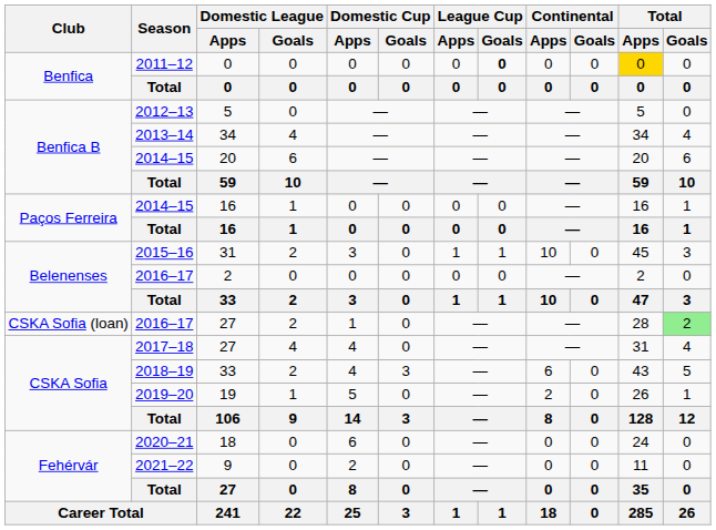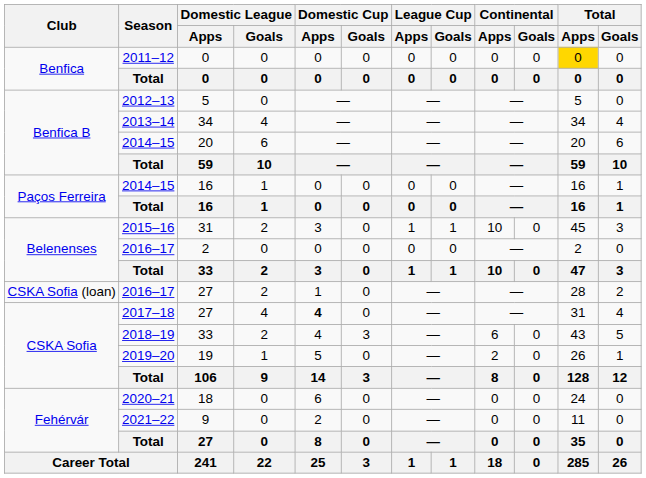 <table class="wikitable" style="text-align: center;">
 <tr>
 <th rowspan="2">Club</th>
 <th rowspan="2">Season</th>
 <th colspan="2">Domestic League</th>
 <th colspan="2">Domestic Cup</th>
 <th colspan="2">League Cup</th>
 <th colspan="2">Continental</th>
 <th colspan="2">Total</th>
 </tr>
 <tr>
 <th>Apps</th>
 <th>Goals</th>
 <th>Apps</th>
 <th>Goals</th>
 <th>Apps</th>
 <th>Goals</th>
 <th>Apps</th>
 <th>Goals</th>
 <th>Apps</th>
 <th>Goals</th>
 </tr>
 <tr>
 <td rowspan="2" valign="center"><a href='#'>Benfica</a></td>
 <td><a href='#'>2011–12</a></td>
 <td>0</td>
 <td>0</td>
 <td>0</td>
 <td>0</td>
 <td>0</td>
-<td><strong>0</strong></td>
+<td>0</td>
 <td>0</td>
 <td>0</td>
 <td style="background: gold;">0</td>
 <td>0</td>
 </tr>
 <tr>
 <th>Total</th>
 <th>0</th>
 <th>0</th>
 <th>0</th>
 <th>0</th>
 <th>0</th>
 <th>0</th>
 <th>0</th>
 <th>0</th>
 <th>0</th>
 <th>0</th>
 </tr>
 <tr>
 <td rowspan="4" valign="center"><a href='#'>Benfica B</a></td>
 <td><a href='#'>2012–13</a></td>
 <td>5</td>
 <td>0</td>
 <td colspan="2">—</td>
 <td colspan="2">—</td>
 <td colspan="2">—</td>
 <td>5</td>
 <td>0</td>
 </tr>
 <tr>
 <td><a href='#'>2013–14</a></td>
 <td>34</td>
 <td>4</td>
 <td colspan="2">—</td>
 <td colspan="2">—</td>
 <td colspan="2">—</td>
 <td>34</td>
 <td>4</td>
 </tr>
 <tr>
 <td><a href='#'>2014–15</a></td>
 <td>20</td>
 <td>6</td>
 <td colspan="2">—</td>
 <td colspan="2">—</td>
 <td colspan="2">—</td>
 <td>20</td>
 <td>6</td>
 </tr>
 <tr>
 <th>Total</th>
 <th>59</th>
 <th>10</th>
 <th colspan="2">—</th>
 <th colspan="2">—</th>
 <th colspan="2">—</th>
 <th>59</th>
 <th>10</th>
 </tr>
 <tr>
 <td rowspan="2" valign="center"><a href='#'>Paços Ferreira</a></td>
 <td><a href='#'>2014–15</a></td>
 <td>16</td>
 <td>1</td>
 <td>0</td>
 <td>0</td>
 <td>0</td>
 <td>0</td>
 <td colspan="2">—</td>
 <td>16</td>
 <td>1</td>
 </tr>
 <tr>
 <th>Total</th>
 <th>16</th>
 <th>1</th>
 <th>0</th>
 <th>0</th>
 <th>0</th>
 <th>0</th>
 <th colspan="2">—</th>
 <th>16</th>
 <th>1</th>
 </tr>
 <tr>
 <td rowspan="3" valign="center"><a href='#'>Belenenses</a></td>
 <td><a href='#'>2015–16</a></td>
 <td>31</td>
 <td>2</td>
 <td>3</td>
 <td>0</td>
 <td>1</td>
 <td>1</td>
 <td>10</td>
 <td>0</td>
 <td>45</td>
 <td>3</td>
 </tr>
 <tr>
 <td><a href='#'>2016–17</a></td>
 <td>2</td>
 <td>0</td>
 <td>0</td>
 <td>0</td>
 <td>0</td>
 <td>0</td>
 <td colspan="2">—</td>
 <td>2</td>
 <td>0</td>
 </tr>
 <tr>
 <th>Total</th>
 <th>33</th>
 <th>2</th>
 <th>3</th>
 <th>0</th>
 <th>1</th>
 <th>1</th>
 <th>10</th>
 <th>0</th>
 <th>47</th>
 <th>3</th>
 </tr>
 <tr>
 <td valign="center"><a href='#'>CSKA Sofia</a> (loan)</td>
 <td><a href='#'>2016–17</a></td>
 <td>27</td>
 <td>2</td>
 <td>1</td>
 <td>0</td>
 <td colspan="2">—</td>
 <td colspan="2">—</td>
 <td>28</td>
-<td style="background: lightgreen;">2</td>
+<td>2</td>
 </tr>
 <tr>
 <td rowspan="4" valign="center"><a href='#'>CSKA Sofia</a></td>
 <td><a href='#'>2017–18</a></td>
 <td>27</td>
 <td>4</td>
-<td>4</td>
+<td><strong>4</strong></td>
 <td>0</td>
 <td colspan="2">—</td>
 <td colspan="2">—</td>
 <td>31</td>
 <td>4</td>
 </tr>
 <tr>
 <td><a href='#'>2018–19</a></td>
 <td>33</td>
 <td>2</td>
 <td>4</td>
 <td>3</td>
 <td colspan="2">—</td>
 <td>6</td>
 <td>0</td>
 <td>43</td>
 <td>5</td>
 </tr>
 <tr>
 <td><a href='#'>2019–20</a></td>
 <td>19</td>
 <td>1</td>
 <td>5</td>
 <td>0</td>
 <td colspan="2">—</td>
 <td>2</td>
 <td>0</td>
 <td>26</td>
 <td>1</td>
 </tr>
 <tr>
 <th>Total</th>
 <th>106</th>
 <th>9</th>
 <th>14</th>
 <th>3</th>
 <th colspan="2">—</th>
 <th>8</th>
 <th>0</th>
 <th>128</th>
 <th>12</th>
 </tr>
 <tr>
 <td rowspan="3"><a href='#'>Fehérvár</a></td>
 <td><a href='#'>2020–21</a></td>
 <td>18</td>
 <td>0</td>
 <td>6</td>
 <td>0</td>
 <td colspan="2">—</td>
 <td>0</td>
 <td>0</td>
 <td>24</td>
 <td>0</td>
 </tr>
 <tr>
 <td><a href='#'>2021–22</a></td>
 <td>9</td>
 <td>0</td>
 <td>2</td>
 <td>0</td>
 <td colspan="2">—</td>
 <td>0</td>
 <td>0</td>
 <td>11</td>
 <td>0</td>
 </tr>
 <tr>
 <th>Total</th>
 <th>27</th>
 <th>0</th>
 <th>8</th>
 <th>0</th>
 <th colspan="2">—</th>
 <th>0</th>
 <th>0</th>
 <th>35</th>
 <th>0</th>
 </tr>
 <tr>
 <th colspan="2">Career Total</th>
 <th>241</th>
 <th>22</th>
 <th>25</th>
 <th>3</th>
 <th>1</th>
 <th>1</th>
 <th>18</th>
 <th>0</th>
 <th>285</th>
 <th>26</th>
 </tr>
 </table>
